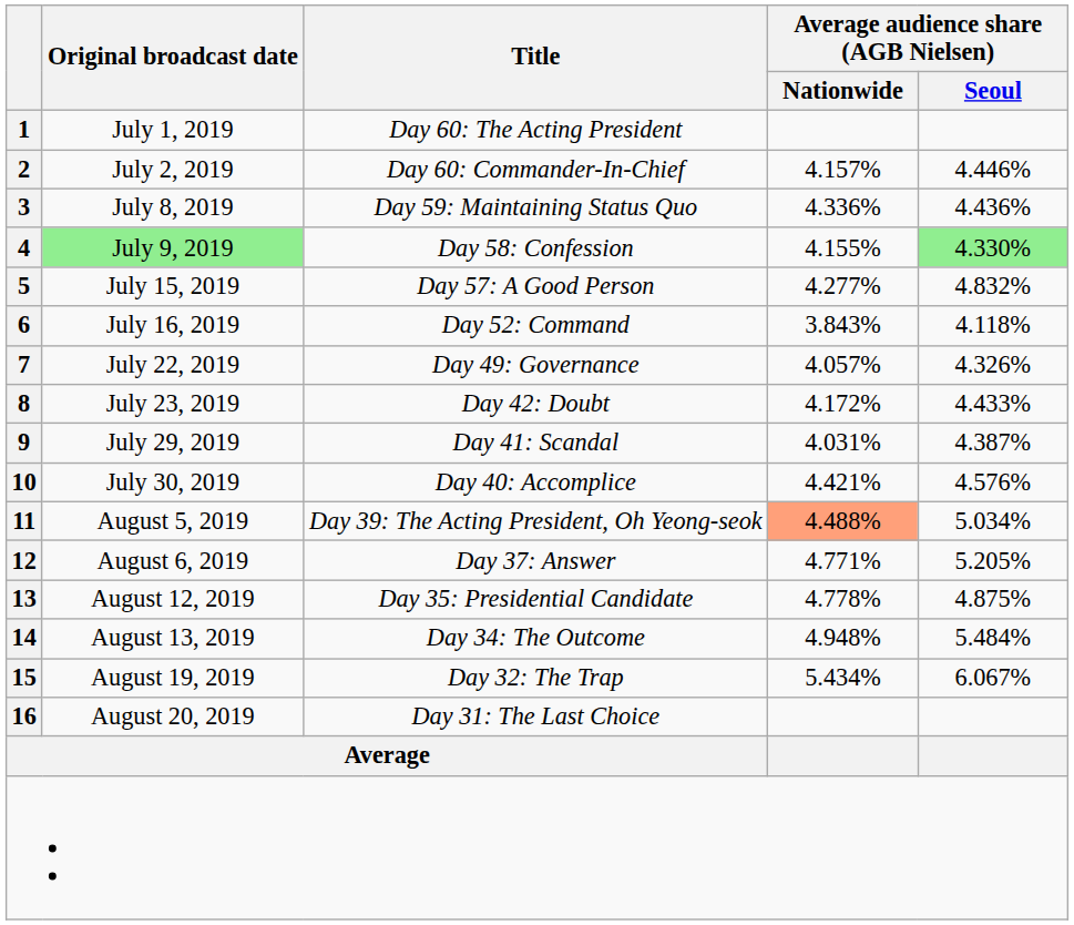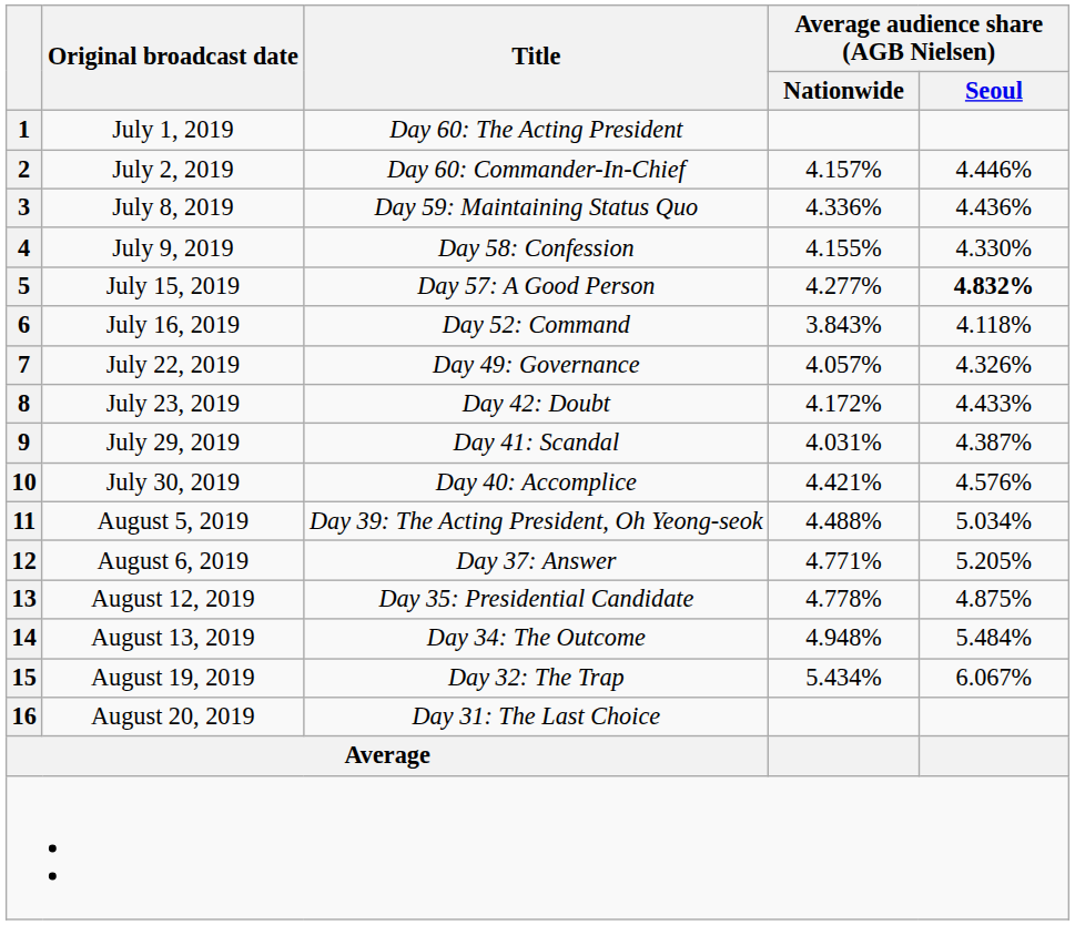 <table class="wikitable" style="text-align:center;max-width:750px; margin-left: auto; margin-right: auto; border: none;">
 <tr>
 </tr>
 <tr>
 <th rowspan="2"></th>
 <th rowspan="2">Original broadcast date</th>
 <th rowspan="2">Title</th>
 <th colspan="2">Average audience share<br>(AGB Nielsen)</th>
 </tr>
 <tr>
 <th width="90">Nationwide</th>
 <th width="90"><a href='#'>Seoul</a></th>
 </tr>
 <tr>
 <th>1</th>
 <td>July 1, 2019</td>
 <td><em>Day 60: The Acting President</em></td>
 <td></td>
 <td></td>
 </tr>
 <tr>
 <th>2</th>
 <td>July 2, 2019</td>
 <td><em>Day 60: Commander-In-Chief</em></td>
 <td>4.157%</td>
 <td>4.446%</td>
 </tr>
 <tr>
 <th>3</th>
 <td>July 8, 2019</td>
 <td><em>Day 59: Maintaining Status Quo</em></td>
 <td>4.336%</td>
 <td>4.436%</td>
 </tr>
 <tr>
 <th>4</th>
-<td style="background: lightgreen;">July 9, 2019</td>
+<td>July 9, 2019</td>
 <td><em>Day 58: Confession</em></td>
 <td>4.155%</td>
-<td style="background: lightgreen;">4.330%</td>
+<td>4.330%</td>
 </tr>
 <tr>
 <th>5</th>
 <td>July 15, 2019</td>
 <td><em>Day 57: A Good Person</em></td>
 <td>4.277%</td>
-<td>4.832%</td>
+<td><strong>4.832%</strong></td>
 </tr>
 <tr>
 <th>6</th>
 <td>July 16, 2019</td>
 <td><em>Day 52: Command</em></td>
 <td>3.843%</td>
 <td>4.118%</td>
 </tr>
 <tr>
 <th>7</th>
 <td>July 22, 2019</td>
 <td><em>Day 49: Governance</em></td>
 <td>4.057%</td>
 <td>4.326%</td>
 </tr>
 <tr>
 <th>8</th>
 <td>July 23, 2019</td>
 <td><em>Day 42: Doubt</em></td>
 <td>4.172%</td>
 <td>4.433%</td>
 </tr>
 <tr>
 <th>9</th>
 <td>July 29, 2019</td>
 <td><em>Day 41: Scandal</em></td>
 <td>4.031%</td>
 <td>4.387%</td>
 </tr>
 <tr>
 <th>10</th>
 <td>July 30, 2019</td>
 <td><em>Day 40: Accomplice</em></td>
 <td>4.421%</td>
 <td>4.576%</td>
 </tr>
 <tr>
 <th>11</th>
 <td>August 5, 2019</td>
 <td><em>Day 39: The Acting President, Oh Yeong-seok</em></td>
-<td style="background: lightsalmon;">4.488%</td>
+<td>4.488%</td>
 <td>5.034%</td>
 </tr>
 <tr>
 <th>12</th>
 <td>August 6, 2019</td>
 <td><em>Day 37: Answer</em></td>
 <td>4.771%</td>
 <td>5.205%</td>
 </tr>
 <tr>
 <th>13</th>
 <td>August 12, 2019</td>
 <td><em>Day 35: Presidential Candidate</em></td>
 <td>4.778%</td>
 <td>4.875%</td>
 </tr>
 <tr>
 <th>14</th>
 <td>August 13, 2019</td>
 <td><em>Day 34: The Outcome</em></td>
 <td>4.948%</td>
 <td>5.484%</td>
 </tr>
 <tr>
 <th>15</th>
 <td>August 19, 2019</td>
 <td><em>Day 32: The Trap</em></td>
 <td>5.434%</td>
 <td>6.067%</td>
 </tr>
 <tr>
 <th>16</th>
 <td>August 20, 2019</td>
 <td><em>Day 31: The Last Choice</em></td>
 <td></td>
 <td></td>
 </tr>
 <tr>
 <th colspan="3">Average</th>
 <th></th>
 <th></th>
 </tr>
 <tr>
 <td colspan="6"><br><ul><li></li><li></li></ul></td>
 </tr>
 </table>
